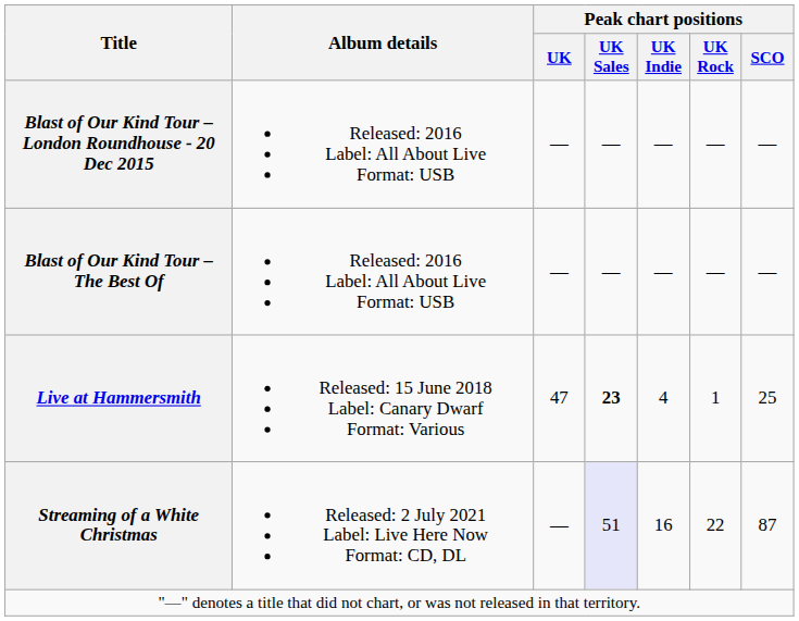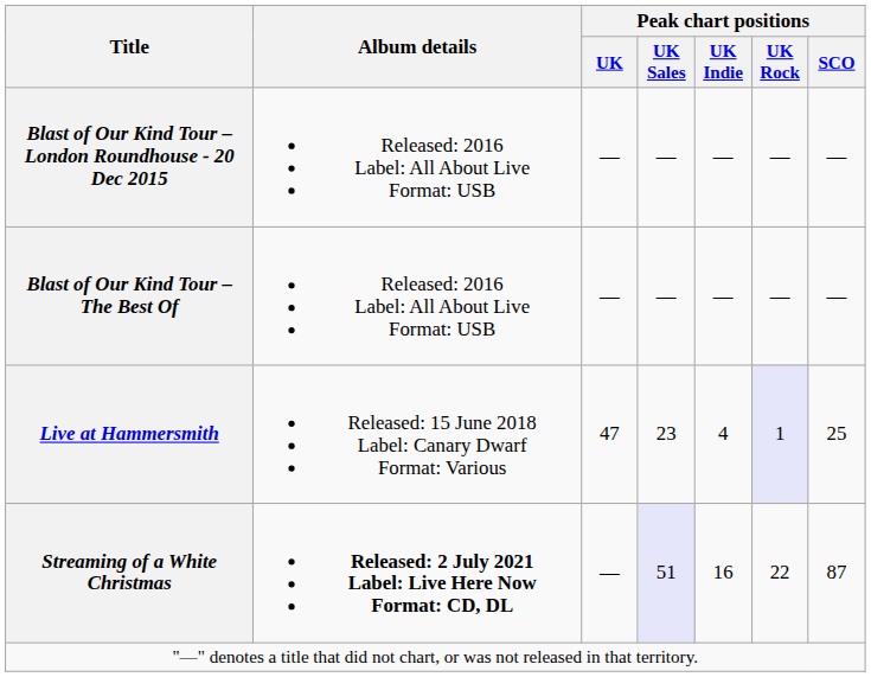 <table class="wikitable plainrowheaders" style="text-align:center;">
 <tr>
 <th scope="col" rowspan="2" style="width:12em;">Title</th>
 <th scope="col" rowspan="2" style="width:16em;">Album details</th>
 <th scope="col" colspan="5">Peak chart positions</th>
 </tr>
 <tr>
 <th scope="col" style="width:2.7em;font-size:90%;"><a href='#'>UK</a><br></th>
 <th scope="col" style="width:2.7em;font-size:90%;"><a href='#'>UK<br>Sales</a><br></th>
 <th scope="col" style="width:2.7em;font-size:90%;"><a href='#'>UK<br>Indie</a><br></th>
 <th scope="col" style="width:2.7em;font-size:90%;"><a href='#'>UK<br>Rock</a><br></th>
 <th scope="col" style="width:2.7em;font-size:90%;"><a href='#'>SCO</a><br></th>
 </tr>
 <tr>
 <th scope="row"><em>Blast of Our Kind Tour – London Roundhouse - 20 Dec 2015</em></th>
 <td><br><ul><li>Released: 2016</li><li>Label: All About Live</li><li>Format: USB</li></ul></td>
 <td>—</td>
 <td>—</td>
 <td>—</td>
 <td>—</td>
 <td>—</td>
 </tr>
 <tr>
 <th scope="row"><em>Blast of Our Kind Tour – The Best Of</em></th>
 <td><br><ul><li>Released: 2016</li><li>Label: All About Live</li><li>Format: USB</li></ul></td>
 <td>—</td>
 <td>—</td>
 <td>—</td>
 <td>—</td>
 <td>—</td>
 </tr>
 <tr>
 <th scope="row"><em><a href='#'>Live at Hammersmith</a></em></th>
 <td><br><ul><li>Released: 15 June 2018</li><li>Label: Canary Dwarf</li><li>Format: Various</li></ul></td>
 <td>47</td>
-<td><strong>23</strong></td>
+<td>23</td>
 <td>4</td>
-<td>1</td>
+<td style="background: lavender;">1</td>
 <td>25</td>
 </tr>
 <tr>
 <th scope="row"><em>Streaming of a White Christmas</em></th>
-<td><br><ul><li>Released: 2 July 2021</li><li>Label: Live Here Now</li><li>Format: CD, DL</li></ul></td>
+<td><strong><br><ul><li>Released: 2 July 2021</li><li>Label: Live Here Now</li><li>Format: CD, DL</li></ul></strong></td>
 <td>—</td>
 <td style="background: lavender;">51</td>
 <td>16</td>
 <td>22</td>
 <td>87</td>
 </tr>
 <tr>
 <td colspan="16" style="font-size:90%">"—" denotes a title that did not chart, or was not released in that territory.</td>
 </tr>
 </table>
